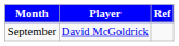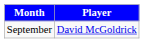 <table class="wikitable" style="text-align:center">
 <tr>
 <th style="background:blue; color:white; width=0%">Month</th>
 <th style="background:blue; color:white; width=0%">Player</th>
-<th style="background:blue; color:white; width=0%">Ref</th>
 </tr>
 <tr>
 <td>September</td>
 <td> <a href='#'>David McGoldrick</a></td>
-<td></td>
 </tr>
 </table>
